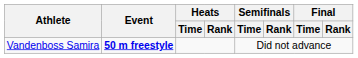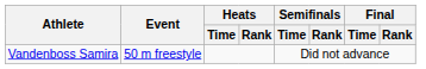 <table class=wikitable style="font-size:90%">
 <tr>
 <th rowspan="2">Athlete</th>
 <th rowspan="2">Event</th>
 <th colspan="2">Heats</th>
 <th colspan="2">Semifinals</th>
 <th colspan="2">Final</th>
 </tr>
 <tr>
 <th>Time</th>
 <th>Rank</th>
 <th>Time</th>
 <th>Rank</th>
 <th>Time</th>
 <th>Rank</th>
 </tr>
 <tr>
 <td rowspan="1"><a href='#'>Vandenboss Samira</a></td>
-<td><strong><a href='#'>50 m freestyle</a></strong></td>
+<td><a href='#'>50 m freestyle</a></td>
 <td align=center colspan=2></td>
 <td align=center colspan=4>Did not advance</td>
 </tr>
 </table>
